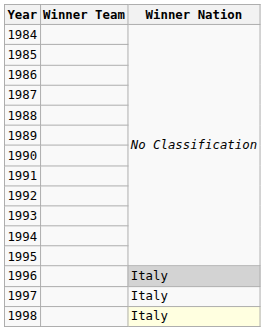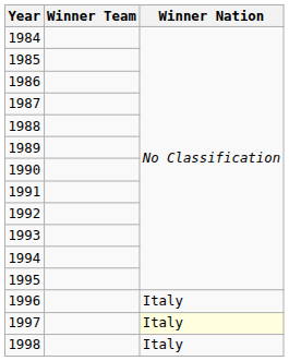 <table class="wikitable">
 <tr>
 <th scope="col">Year</th>
 <th scope="col">Winner Team</th>
 <th scope="col">Winner Nation</th>
 </tr>
 <tr>
 <td>1984</td>
 <td> </td>
 <td rowspan="12"><em>No Classification</em></td>
 </tr>
 <tr>
 <td>1985</td>
 <td> </td>
 </tr>
 <tr>
 <td>1986</td>
 <td> </td>
 </tr>
 <tr>
 <td>1987</td>
 <td> </td>
 </tr>
 <tr>
 <td>1988</td>
 <td> </td>
 </tr>
 <tr>
 <td>1989</td>
 <td> </td>
 </tr>
 <tr>
 <td>1990</td>
 <td> </td>
 </tr>
 <tr>
 <td>1991</td>
 <td> </td>
 </tr>
 <tr>
 <td>1992</td>
 <td> </td>
 </tr>
 <tr>
 <td>1993</td>
 <td> </td>
 </tr>
 <tr>
 <td>1994</td>
 <td> </td>
 </tr>
 <tr>
 <td>1995</td>
 <td> </td>
 </tr>
 <tr>
 <td>1996</td>
 <td> </td>
-<td style="background: lightgrey;"> Italy</td>
+<td> Italy</td>
 </tr>
 <tr>
 <td>1997</td>
 <td> </td>
-<td> Italy</td>
+<td style="background: lightyellow;"> Italy</td>
 </tr>
 <tr>
 <td>1998</td>
 <td> </td>
-<td style="background: lightyellow;"> Italy</td>
+<td> Italy</td>
 </tr>
 </table>
